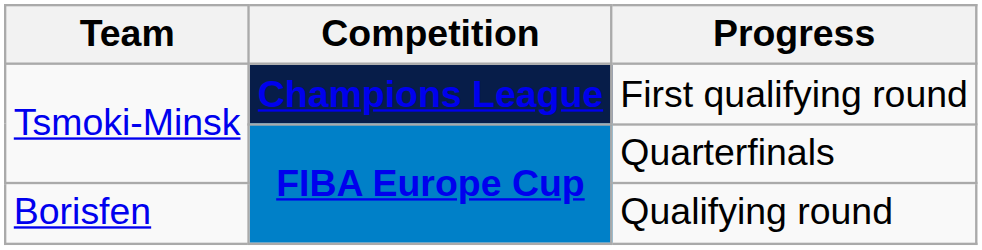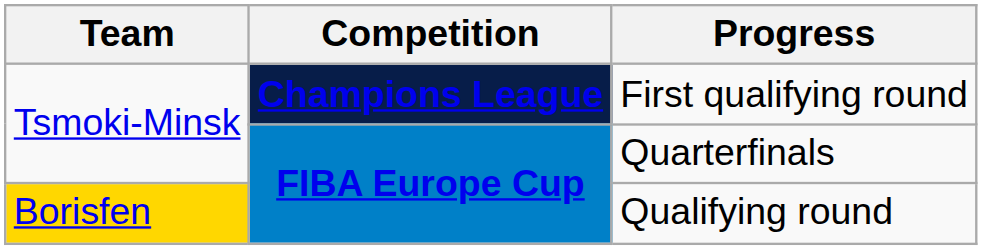 <table class="wikitable sortable">
 <tr>
 <th>Team</th>
 <th>Competition</th>
 <th>Progress</th>
 </tr>
 <tr>
 <td rowspan=2><a href='#'>Tsmoki-Minsk</a></td>
 <td style="background-color:#071D49;color:#D0D3D4;text-align:center"><strong><a href='#'><span>Champions League</span></a></strong></td>
 <td>First qualifying round</td>
 </tr>
 <tr>
 <td rowspan=2 style="background-color:#0080C8;color:white;text-align:center"><strong><a href='#'><span>FIBA Europe Cup</span></a></strong></td>
 <td>Quarterfinals</td>
 </tr>
 <tr>
-<td><a href='#'>Borisfen</a></td>
+<td style="background: gold;"><a href='#'>Borisfen</a></td>
 <td>Qualifying round</td>
 </tr>
 </table>
